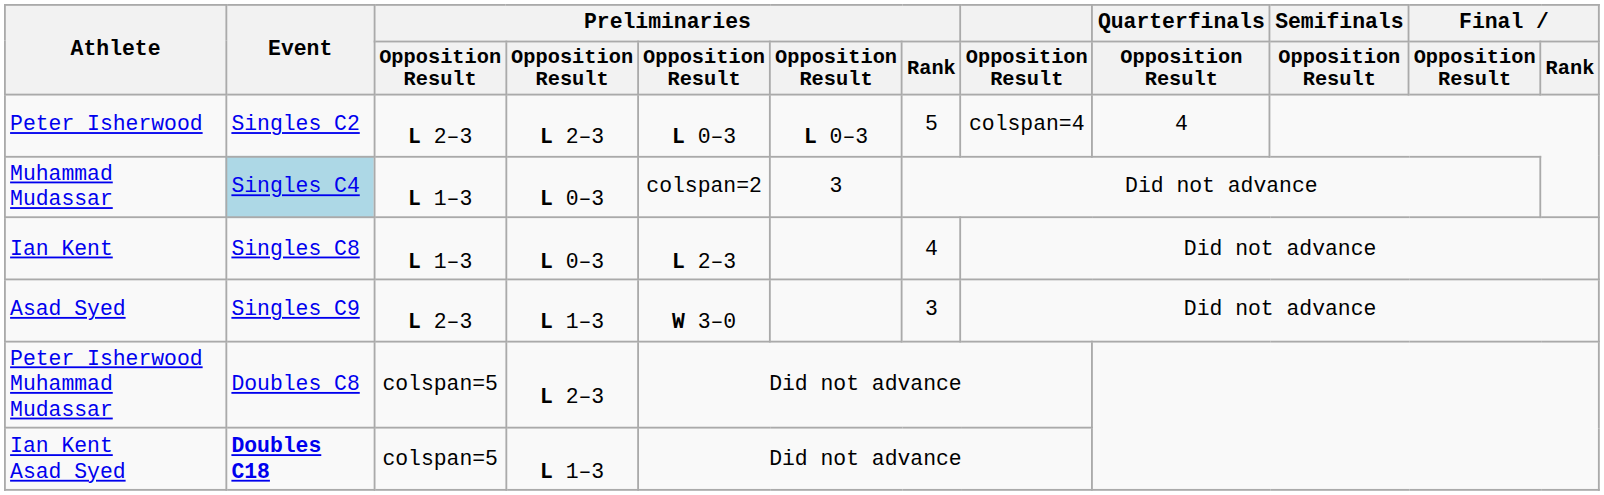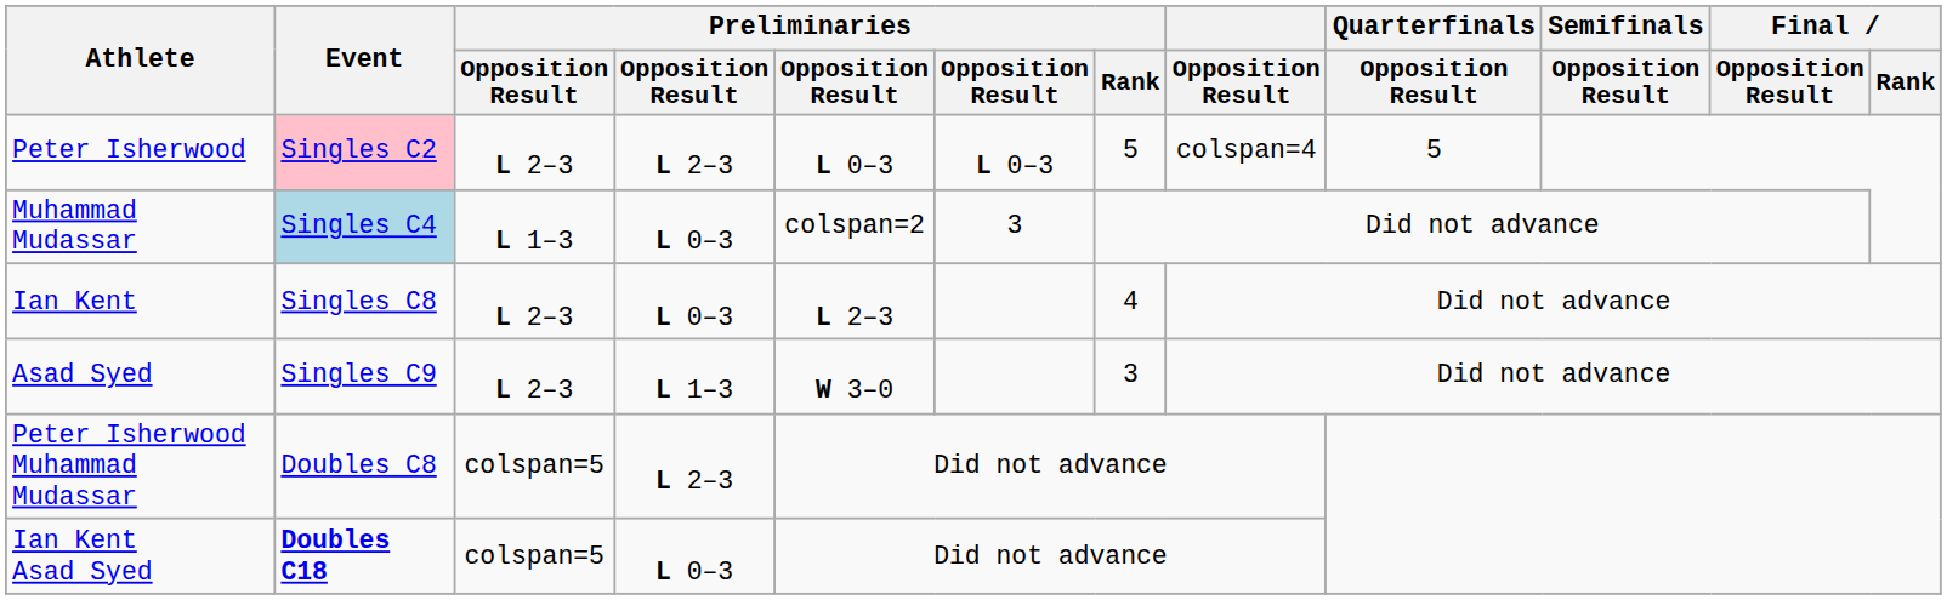 <table class=wikitable style="font-size:90%">
 <tr>
 <th rowspan="2">Athlete</th>
 <th rowspan="2">Event</th>
 <th colspan="5">Preliminaries</th>
 <th></th>
 <th>Quarterfinals</th>
 <th>Semifinals</th>
 <th colspan="2">Final / </th>
 </tr>
 <tr style="font-size:95%">
 <th>Opposition<br>Result</th>
 <th>Opposition<br>Result</th>
 <th>Opposition<br>Result</th>
 <th>Opposition<br>Result</th>
 <th>Rank</th>
 <th>Opposition<br>Result</th>
 <th>Opposition<br>Result</th>
 <th>Opposition<br>Result</th>
 <th>Opposition<br>Result</th>
 <th>Rank</th>
 </tr>
 <tr align=center>
 <td align=left><a href='#'>Peter Isherwood</a></td>
-<td align=left><a href='#'>Singles C2</a></td>
+<td align=left style="background: pink;"><a href='#'>Singles C2</a></td>
 <td><br><strong>L</strong> 2–3</td>
 <td><br><strong>L</strong> 2–3</td>
 <td><br><strong>L</strong> 0–3</td>
 <td><br><strong>L</strong> 0–3</td>
 <td>5</td>
 <td>colspan=4 </td>
-<td>4</td>
+<td>5</td>
 </tr>
 <tr align=center>
 <td align=left><a href='#'>Muhammad Mudassar</a></td>
 <td align=left style="background: lightblue;"><a href='#'>Singles C4</a></td>
 <td><br><strong>L</strong> 1–3</td>
 <td><br><strong>L</strong> 0–3</td>
 <td>colspan=2 </td>
 <td>3</td>
 <td colspan=5>Did not advance</td>
 </tr>
 <tr align=center>
 <td align=left><a href='#'>Ian Kent</a></td>
 <td align=left><a href='#'>Singles C8</a></td>
-<td><br><strong>L</strong> 1–3</td>
+<td><br><strong>L</strong> 2–3</td>
 <td><br><strong>L</strong> 0–3</td>
 <td><br><strong>L</strong> 2–3</td>
 <td></td>
 <td>4</td>
 <td colspan=5>Did not advance</td>
 </tr>
 <tr align=center>
 <td align=left><a href='#'>Asad Syed</a></td>
 <td align=left><a href='#'>Singles C9</a></td>
 <td><br><strong>L</strong> 2–3</td>
 <td><br><strong>L</strong> 1–3</td>
 <td><br><strong>W</strong> 3–0</td>
 <td></td>
 <td>3</td>
 <td colspan=5>Did not advance</td>
 </tr>
 <tr align=center>
 <td align=left><a href='#'>Peter Isherwood</a><br><a href='#'>Muhammad Mudassar</a></td>
 <td align=left><a href='#'>Doubles C8</a></td>
 <td>colspan=5 </td>
 <td><br><strong>L</strong> 2–3</td>
 <td colspan=4>Did not advance</td>
 </tr>
 <tr align=center>
 <td align=left><a href='#'>Ian Kent</a><br><a href='#'>Asad Syed</a></td>
 <td align=left><strong><a href='#'>Doubles C18</a></strong></td>
 <td>colspan=5 </td>
-<td><br><strong>L</strong> 1–3</td>
+<td><br><strong>L</strong> 0–3</td>
 <td colspan=4>Did not advance</td>
 </tr>
 </table>
